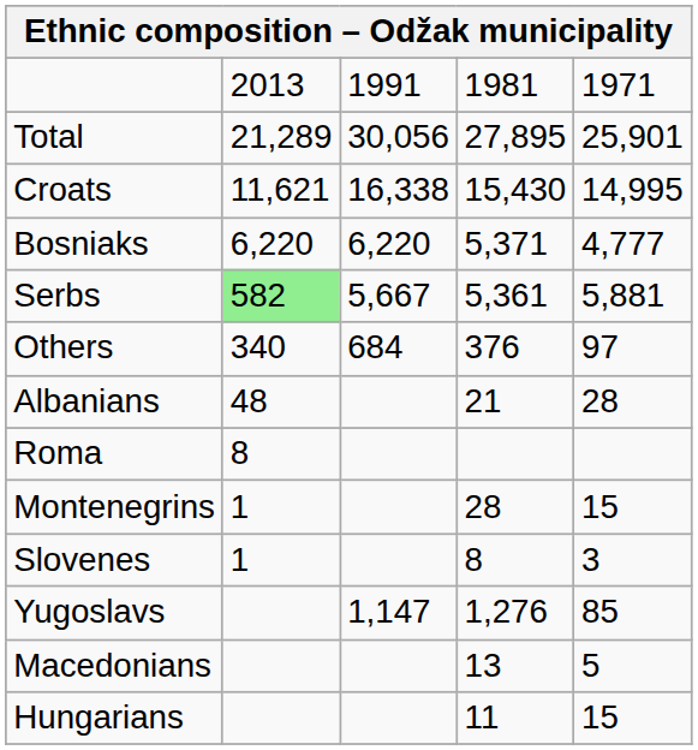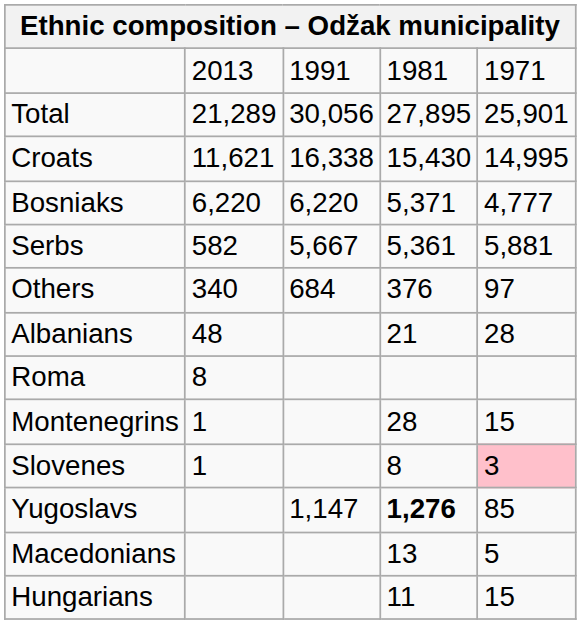 <table class="wikitable">
 <tr>
 <th colspan="8">Ethnic composition – Odžak municipality</th>
 </tr>
 <tr>
 <td></td>
 <td>2013</td>
 <td>1991</td>
 <td>1981</td>
 <td>1971</td>
 </tr>
 <tr>
 <td>Total</td>
 <td>21,289</td>
 <td>30,056</td>
 <td>27,895</td>
 <td>25,901</td>
 </tr>
 <tr>
 <td>Croats</td>
 <td>11,621</td>
 <td>16,338</td>
 <td>15,430</td>
 <td>14,995</td>
 </tr>
 <tr>
 <td>Bosniaks</td>
 <td>6,220</td>
 <td>6,220</td>
 <td>5,371</td>
 <td>4,777</td>
 </tr>
 <tr>
 <td>Serbs</td>
-<td style="background: lightgreen;">582</td>
+<td>582</td>
 <td>5,667</td>
 <td>5,361</td>
 <td>5,881</td>
 </tr>
 <tr>
 <td>Others</td>
 <td>340</td>
 <td>684</td>
 <td>376</td>
 <td>97</td>
 </tr>
 <tr>
 <td>Albanians</td>
 <td>48</td>
 <td></td>
 <td>21</td>
 <td>28</td>
 </tr>
 <tr>
 <td>Roma</td>
 <td>8</td>
 <td></td>
 <td></td>
 <td></td>
 </tr>
 <tr>
 <td>Montenegrins</td>
 <td>1</td>
 <td></td>
 <td>28</td>
 <td>15</td>
 </tr>
 <tr>
 <td>Slovenes</td>
 <td>1</td>
 <td></td>
 <td>8</td>
-<td>3</td>
+<td style="background: pink;">3</td>
 </tr>
 <tr>
 <td>Yugoslavs</td>
 <td></td>
 <td>1,147</td>
-<td>1,276</td>
+<td><strong>1,276</strong></td>
 <td>85</td>
 </tr>
 <tr>
 <td>Macedonians</td>
 <td></td>
 <td></td>
 <td>13</td>
 <td>5</td>
 </tr>
 <tr>
 <td>Hungarians</td>
 <td></td>
 <td></td>
 <td>11</td>
 <td>15</td>
 </tr>
 </table>
